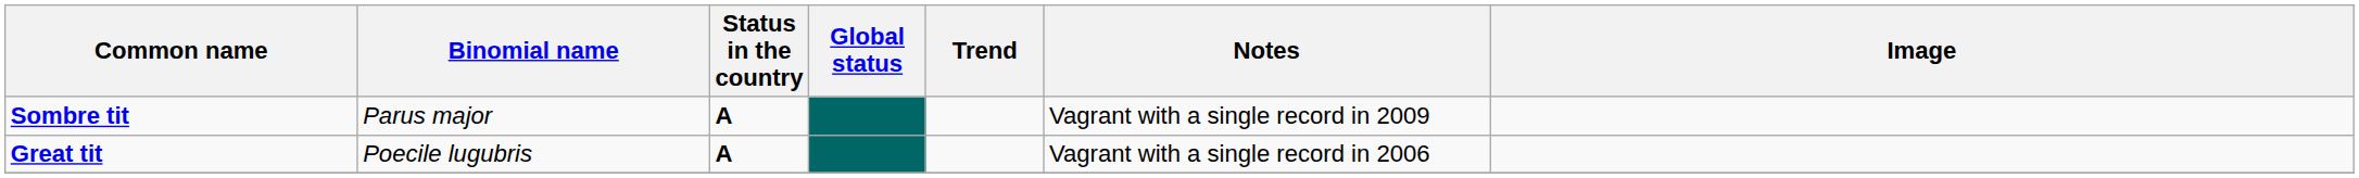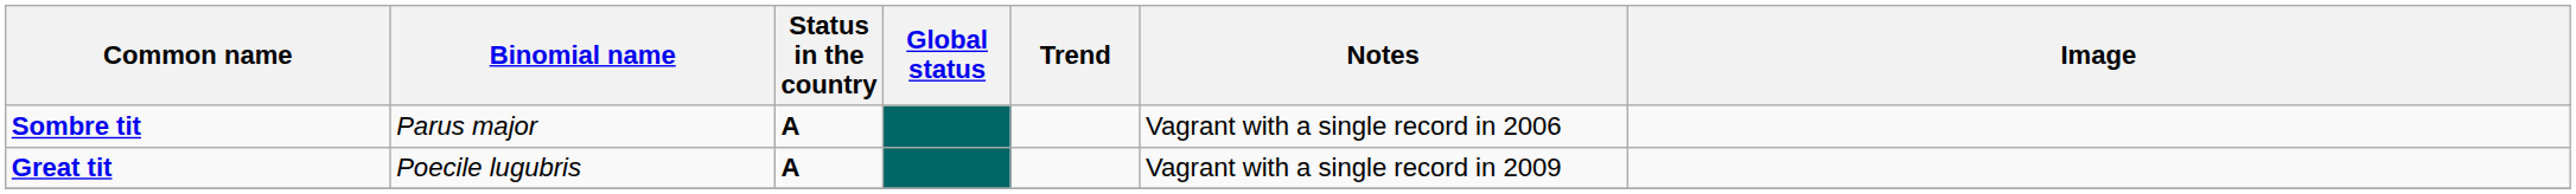 <table class="wikitable sortable">
 <tr>
 <th width="15%">Common name</th>
 <th width="15%"><a href='#'>Binomial name</a></th>
 <th data-sort-type="number" width="1%">Status in the country</th>
 <th width="5%"><a href='#'>Global status</a></th>
 <th width="5%">Trend</th>
 <th width="19%">Notes</th>
 <th class="unsortable">Image</th>
 </tr>
 <tr>
 <td><strong><a href='#'>Sombre tit</a></strong></td>
 <td><em>Parus major</em></td>
 <td><strong>A</strong></td>
 <td align=center style="background: #006666"></td>
 <td align=center></td>
-<td>Vagrant with a single record in 2009</td>
+<td>Vagrant with a single record in 2006</td>
 <td></td>
 </tr>
 <tr>
 <td><strong><a href='#'>Great tit</a></strong></td>
 <td><em>Poecile lugubris</em></td>
 <td><strong>A</strong></td>
 <td align=center style="background: #006666"></td>
 <td align=center></td>
-<td>Vagrant with a single record in 2006</td>
+<td>Vagrant with a single record in 2009</td>
 <td></td>
 </tr>
 <tr>
 </tr>
 </table>
